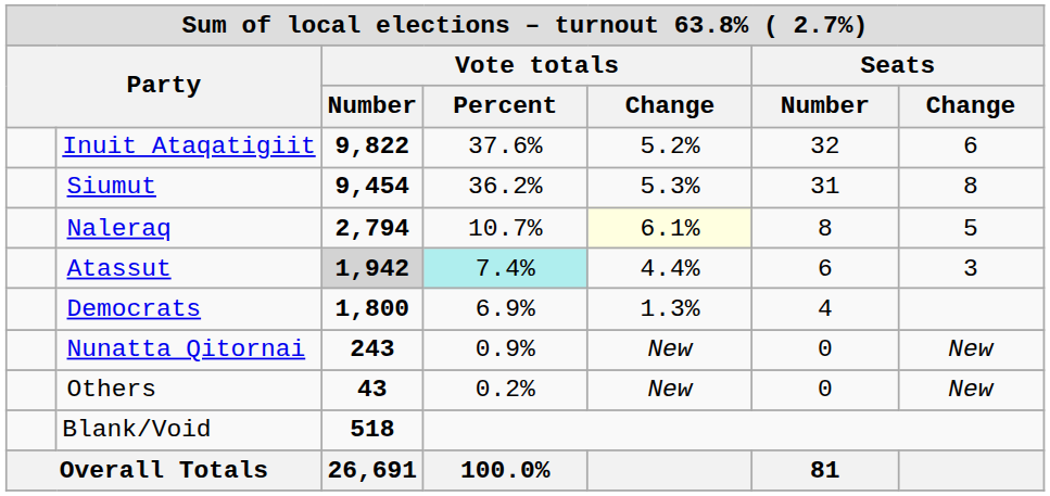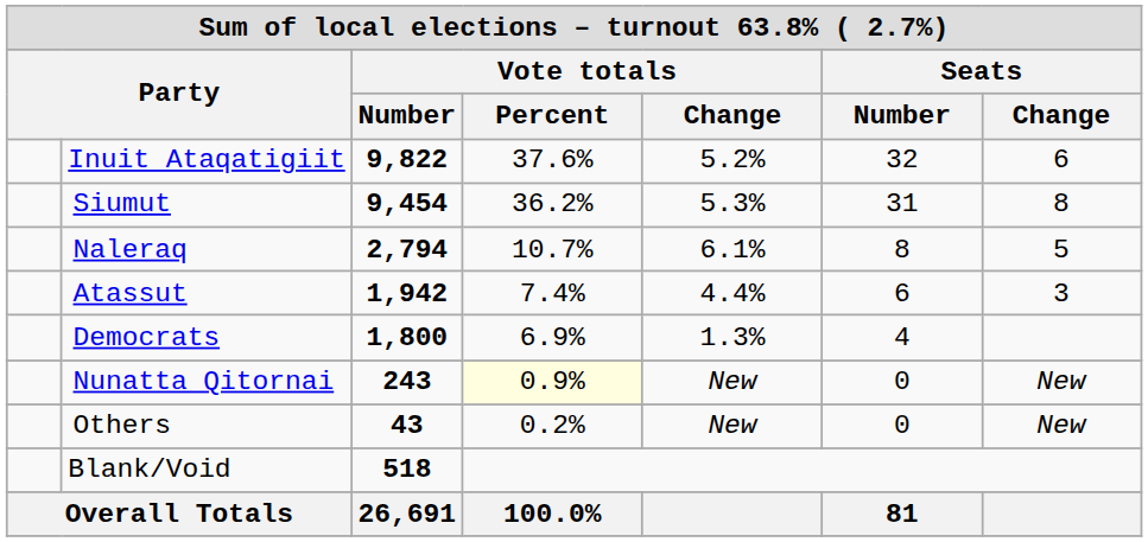 <table class="wikitable" style="margin-left:1em;">
 <tr>
 <th colspan="7" style="background:#dddddd; text-align:center;"><strong>Sum of local elections</strong> – turnout 63.8% ( 2.7%)</th>
 </tr>
 <tr>
 <th colspan="2" rowspan="2">Party</th>
 <th colspan="3">Vote totals</th>
 <th colspan="2">Seats</th>
 </tr>
 <tr>
 <th>Number</th>
 <th style="width:80px;">Percent</th>
 <th style="width:80px;">Change</th>
 <th style="width:70px;">Number</th>
 <th style="width:70px;">Change</th>
 </tr>
 <tr>
 <td style="width:20px; background:"></td>
 <td style="width:200px padding-left:5px;"><a href='#'>Inuit Ataqatigiit</a></td>
 <td style="text-align:center;"><strong>9,822</strong></td>
 <td style="text-align:center;">37.6%</td>
 <td style="text-align:center;"> 5.2%</td>
 <td style="text-align:center;">32</td>
 <td style="text-align:center;"> 6</td>
 </tr>
 <tr>
 <td style="background:"></td>
 <td style="padding-left:5px;"><a href='#'>Siumut</a></td>
 <td style="text-align:center;"><strong>9,454</strong></td>
 <td style="text-align:center;">36.2%</td>
 <td style="text-align:center;"> 5.3%</td>
 <td style="text-align:center;">31</td>
 <td style="text-align:center;"> 8</td>
 </tr>
 <tr>
 <td style="background:"></td>
 <td style="padding-left:5px;"><a href='#'>Naleraq</a></td>
 <td style="text-align:center;"><strong>2,794</strong></td>
 <td style="text-align:center;">10.7%</td>
-<td style="background: lightyellow; text-align:center;"> 6.1%</td>
+<td style="text-align:center;"> 6.1%</td>
 <td style="text-align:center;">8</td>
 <td style="text-align:center;"> 5</td>
 </tr>
 <tr>
 <td style="background:"></td>
 <td style="padding-left:5px;"><a href='#'>Atassut</a></td>
-<td style="background: lightgrey; text-align:center;"><strong>1,942</strong></td>
-<td style="background: paleturquoise; text-align:center;">7.4%</td>
+<td style="text-align:center;"><strong>1,942</strong></td>
+<td style="text-align:center;">7.4%</td>
 <td style="text-align:center;"> 4.4%</td>
 <td style="text-align:center;">6</td>
 <td style="text-align:center;"> 3</td>
 </tr>
 <tr>
 <td style="background:"></td>
 <td style="padding-left:5px;"><a href='#'>Democrats</a></td>
 <td style="text-align:center;"><strong>1,800</strong></td>
 <td style="text-align:center;">6.9%</td>
 <td style="text-align:center;"> 1.3%</td>
 <td style="text-align:center;">4</td>
 <td style="text-align:center;"></td>
 </tr>
 <tr>
 <td style="background:"></td>
 <td style="padding-left:5px;"><a href='#'>Nunatta Qitornai</a></td>
 <td style="text-align:center;"><strong>243</strong></td>
-<td style="text-align:center;">0.9%</td>
+<td style="background: lightyellow; text-align:center;">0.9%</td>
 <td style="text-align:center;"><em>New</em></td>
 <td style="text-align:center;">0</td>
 <td style="text-align:center;"><em>New</em></td>
 </tr>
 <tr>
 <td style="background:"></td>
 <td style="padding-left:5px;">Others</td>
 <td style="text-align:center;"><strong>43</strong></td>
 <td style="text-align:center;">0.2%</td>
 <td style="text-align:center;"><em>New</em></td>
 <td style="text-align:center;">0</td>
 <td style="text-align:center;"><em>New</em></td>
 </tr>
 <tr>
 <td></td>
 <td>Blank/Void</td>
 <td style="text-align:center;"><strong>518</strong></td>
 <td colspan="4"></td>
 </tr>
 <tr>
 <th colspan="2">Overall Totals</th>
 <th>26,691</th>
 <th>100.0%</th>
 <th></th>
 <th>81</th>
 <th></th>
 </tr>
 </table>
